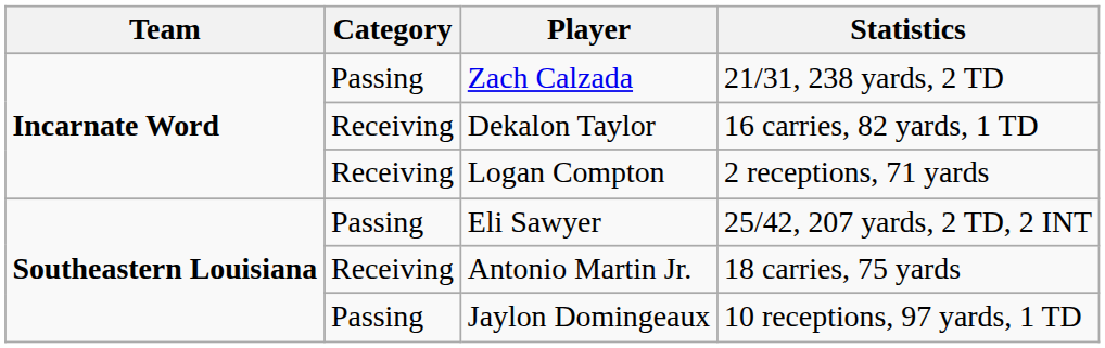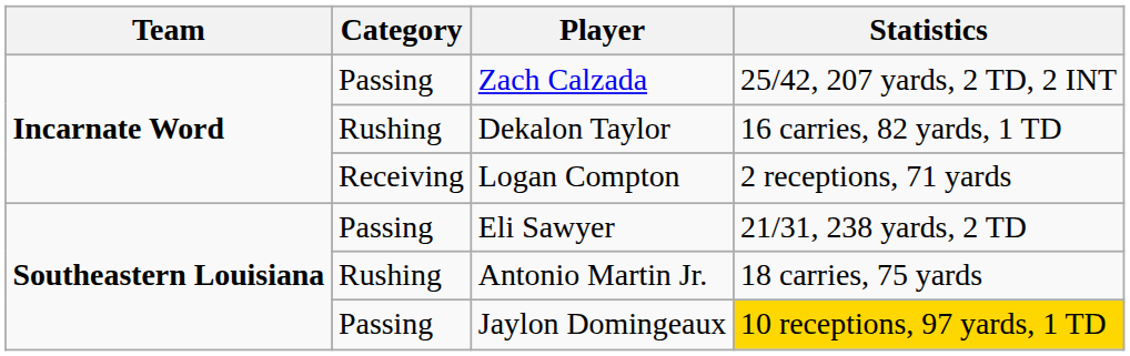 <table class="wikitable" style="float: right;">
 <tr>
 <th>Team</th>
 <th>Category</th>
 <th>Player</th>
 <th>Statistics</th>
 </tr>
 <tr>
 <td rowspan=3><strong>Incarnate Word</strong></td>
 <td>Passing</td>
 <td><a href='#'>Zach Calzada</a></td>
-<td>21/31, 238 yards, 2 TD</td>
+<td>25/42, 207 yards, 2 TD, 2 INT</td>
 </tr>
 <tr>
-<td>Receiving</td>
+<td>Rushing</td>
 <td>Dekalon Taylor</td>
 <td>16 carries, 82 yards, 1 TD</td>
 </tr>
 <tr>
 <td>Receiving</td>
 <td>Logan Compton</td>
 <td>2 receptions, 71 yards</td>
 </tr>
 <tr>
 <td rowspan=3><strong>Southeastern Louisiana</strong></td>
 <td>Passing</td>
 <td>Eli Sawyer</td>
-<td>25/42, 207 yards, 2 TD, 2 INT</td>
+<td>21/31, 238 yards, 2 TD</td>
 </tr>
 <tr>
-<td>Receiving</td>
+<td>Rushing</td>
 <td>Antonio Martin Jr.</td>
 <td>18 carries, 75 yards</td>
 </tr>
 <tr>
 <td>Passing</td>
 <td>Jaylon Domingeaux</td>
-<td>10 receptions, 97 yards, 1 TD</td>
+<td style="background: gold;">10 receptions, 97 yards, 1 TD</td>
 </tr>
 </table>
